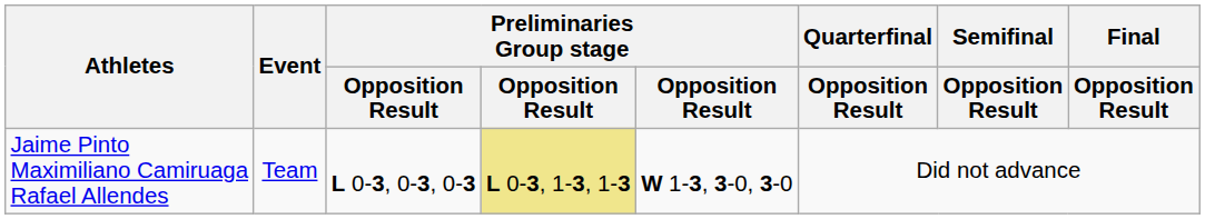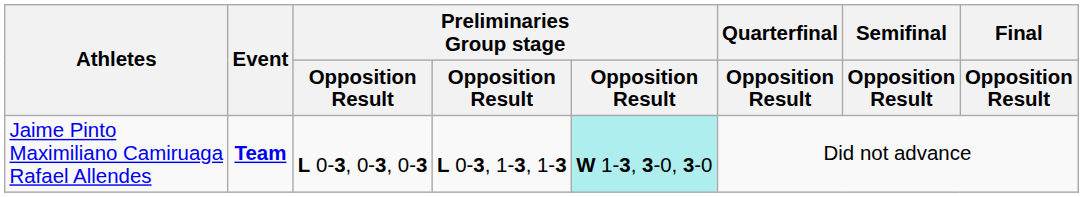 <table class="wikitable" border="1" style="font-size:90%">
 <tr>
 <th rowspan=2>Athletes</th>
 <th rowspan=2>Event</th>
 <th colspan=3>Preliminaries<br>Group stage</th>
 <th>Quarterfinal</th>
 <th>Semifinal</th>
 <th>Final</th>
 </tr>
 <tr>
 <th>Opposition<br>Result</th>
 <th>Opposition<br>Result</th>
 <th>Opposition<br>Result</th>
 <th>Opposition<br>Result</th>
 <th>Opposition<br>Result</th>
 <th>Opposition<br>Result</th>
 </tr>
 <tr>
 <td><a href='#'>Jaime Pinto</a><br><a href='#'>Maximiliano Camiruaga</a><br><a href='#'>Rafael Allendes</a></td>
-<td align=center><a href='#'>Team</a></td>
+<td align=center><strong><a href='#'>Team</a></strong></td>
 <td><br><strong>L</strong> 0-<strong>3</strong>, 0-<strong>3</strong>, 0-<strong>3</strong></td>
-<td style="background: khaki;"><br><strong>L</strong> 0-<strong>3</strong>, 1-<strong>3</strong>, 1-<strong>3</strong></td>
-<td><br><strong>W</strong> 1-<strong>3</strong>, <strong>3</strong>-0, <strong>3</strong>-0</td>
+<td><br><strong>L</strong> 0-<strong>3</strong>, 1-<strong>3</strong>, 1-<strong>3</strong></td>
+<td style="background: paleturquoise;"><br><strong>W</strong> 1-<strong>3</strong>, <strong>3</strong>-0, <strong>3</strong>-0</td>
 <td align="center" colspan="7">Did not advance</td>
 </tr>
 </table>
